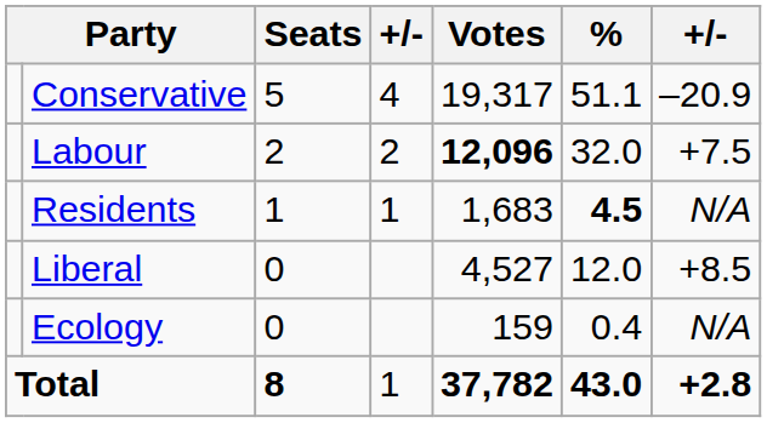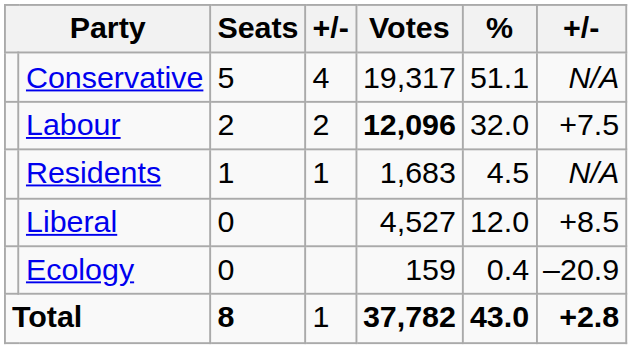 <table class="wikitable sortable">
 <tr>
 <th colspan="2">Party</th>
 <th>Seats</th>
 <th>+/-</th>
 <th>Votes</th>
 <th>%</th>
 <th>+/-</th>
 </tr>
 <tr>
 <td style="background-color: "></td>
 <td><a href='#'>Conservative</a></td>
 <td>5</td>
 <td> 4</td>
 <td style="text-align:right;">19,317</td>
 <td style="text-align:right;">51.1</td>
-<td style="text-align:right;">–20.9</td>
+<td style="text-align:right;"><em>N/A</em></td>
 </tr>
 <tr>
 <td style="background-color: "></td>
 <td><a href='#'>Labour</a></td>
 <td>2</td>
 <td> 2</td>
 <td style="text-align:right;"><strong>12,096</strong></td>
 <td style="text-align:right;">32.0</td>
 <td style="text-align:right;">+7.5</td>
 </tr>
 <tr>
 <td style="background-color: "></td>
 <td><a href='#'>Residents</a></td>
 <td>1</td>
 <td> 1</td>
 <td style="text-align:right;">1,683</td>
-<td style="text-align:right;"><strong>4.5</strong></td>
+<td style="text-align:right;">4.5</td>
 <td style="text-align:right;"><em>N/A</em></td>
 </tr>
 <tr>
 <td style="background-color: "></td>
 <td><a href='#'>Liberal</a></td>
 <td>0</td>
 <td></td>
 <td style="text-align:right;">4,527</td>
 <td style="text-align:right;">12.0</td>
 <td style="text-align:right;">+8.5</td>
 </tr>
 <tr>
 <td style="background-color: "></td>
 <td><a href='#'>Ecology</a></td>
 <td>0</td>
 <td></td>
 <td style="text-align:right;">159</td>
 <td style="text-align:right;">0.4</td>
-<td style="text-align:right;"><em>N/A</em></td>
+<td style="text-align:right;">–20.9</td>
 </tr>
 <tr>
 <td colspan="2"><strong>Total</strong></td>
 <td><strong>8</strong></td>
 <td> 1</td>
 <td style="text-align:right;"><strong>37,782</strong></td>
 <td style="text-align:right;"><strong>43.0</strong></td>
 <td style="text-align:right;"><strong>+2.8</strong></td>
 </tr>
 </table>
